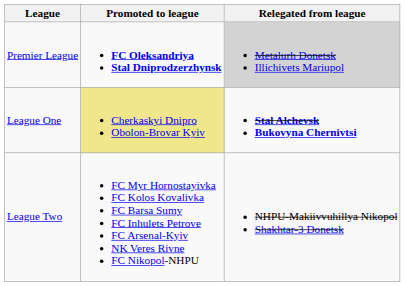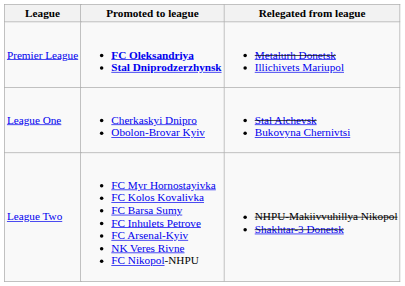 <table class="wikitable">
 <tr>
 <th colspan=2>League</th>
 <th>Promoted to league</th>
 <th>Relegated from league</th>
 </tr>
 <tr>
 <td colspan=2><a href='#'>Premier League</a></td>
 <td><strong><br><ul><li><a href='#'>FC Oleksandriya</a></li><li><a href='#'>Stal Dniprodzerzhynsk</a></li></ul></strong></td>
-<td style="background: lightgrey;"><br><ul><li><del><a href='#'>Metalurh Donetsk</a></del></li><li><a href='#'>Illichivets Mariupol</a></li></ul></td>
+<td><br><ul><li><del><a href='#'>Metalurh Donetsk</a></del></li><li><a href='#'>Illichivets Mariupol</a></li></ul></td>
 </tr>
 <tr>
 <td colspan=2><a href='#'>League One</a></td>
-<td style="background: khaki;"><br><ul><li><a href='#'>Cherkaskyi Dnipro</a></li><li><a href='#'>Obolon-Brovar Kyiv</a></li></ul></td>
-<td><strong><br><ul><li><del><a href='#'>Stal Alchevsk</a></del></li><li><a href='#'>Bukovyna Chernivtsi</a></li></ul></strong></td>
+<td><br><ul><li><a href='#'>Cherkaskyi Dnipro</a></li><li><a href='#'>Obolon-Brovar Kyiv</a></li></ul></td>
+<td><br><ul><li><del><a href='#'>Stal Alchevsk</a></del></li><li><a href='#'>Bukovyna Chernivtsi</a></li></ul></td>
 </tr>
 <tr>
 <td colspan=2><a href='#'>League Two</a></td>
 <td><br><ul><li><a href='#'>FC Myr Hornostayivka</a></li><li><a href='#'>FC Kolos Kovalivka</a></li><li><a href='#'>FC Barsa Sumy</a></li><li><a href='#'>FC Inhulets Petrove</a></li><li><a href='#'>FC Arsenal-Kyiv</a></li><li><a href='#'>NK Veres Rivne</a></li><li><a href='#'>FC Nikopol</a>-NHPU</li></ul></td>
 <td><br><ul><li><del>NHPU-Makiivvuhillya Nikopol</del></li><li><del><a href='#'>Shakhtar-3 Donetsk</a></del></li></ul></td>
 </tr>
 </table>
